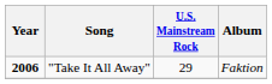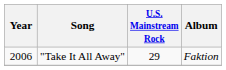 <table class="wikitable">
 <tr>
 <th width="40">Year</th>
 <th>Song</th>
 <th width="40"><small><a href='#'>U.S. Mainstream Rock</a></small></th>
 <th>Album</th>
 </tr>
 <tr>
-<td align="center"><strong>2006</strong></td>
+<td align="center">2006</td>
 <td align="left">"Take It All Away"</td>
 <td align="center">29</td>
 <td align="left"><em>Faktion</em></td>
 </tr>
 <tr>
 </tr>
 </table>
